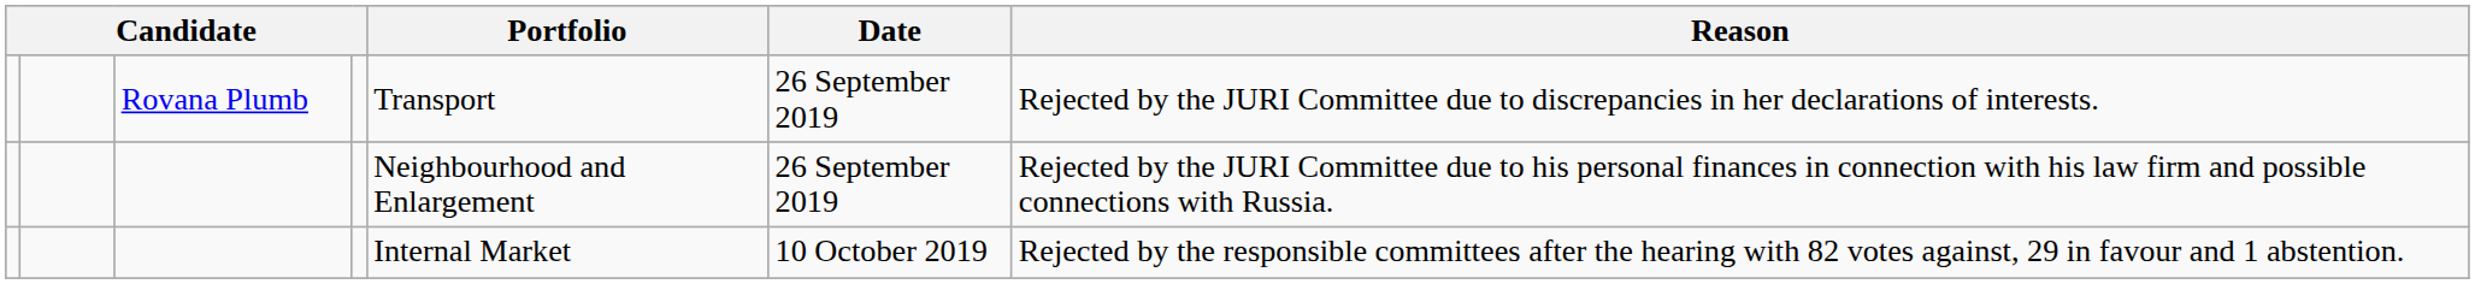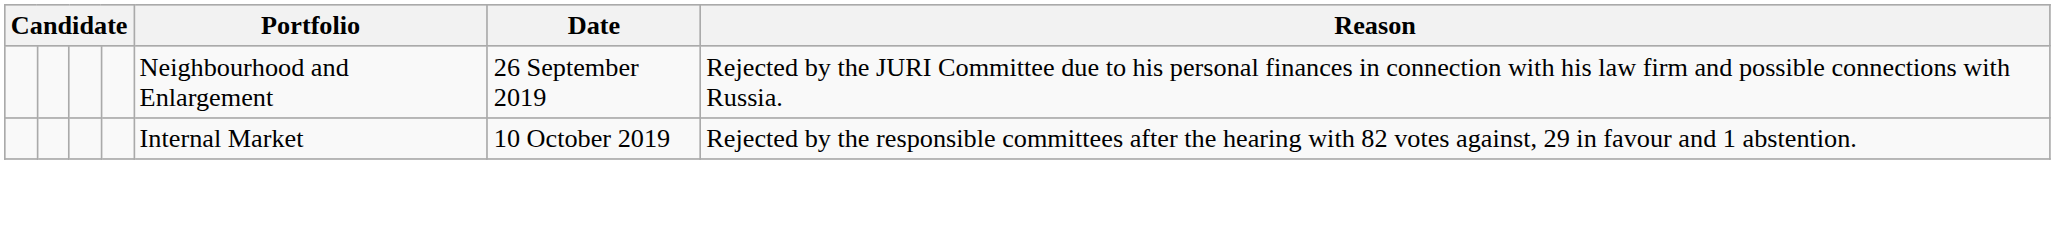 <table class="wikitable">
 <tr>
 <th colspan="4">Candidate</th>
 <th>Portfolio</th>
 <th>Date</th>
 <th>Reason</th>
-</tr>
-<tr>
-<td style="background-color:"></td>
-<td style="width:40px"><strong></strong></td>
-<td style="width:113px"><a href='#'>Rovana Plumb</a></td>
-<td></td>
-<td>Transport</td>
-<td>26 September 2019</td>
-<td>Rejected by the JURI Committee due to discrepancies in her declarations of interests.</td>
 </tr>
 <tr>
 <td style="background-color:"></td>
 <td><strong></strong></td>
 <td></td>
 <td></td>
 <td>Neighbourhood and Enlargement</td>
 <td>26 September 2019</td>
 <td>Rejected by the JURI Committee due to his personal finances in connection with his law firm and possible connections with Russia.</td>
 </tr>
 <tr>
 <td style="background-color:"></td>
 <td><strong></strong></td>
 <td></td>
 <td></td>
 <td>Internal Market</td>
 <td>10 October 2019</td>
 <td>Rejected by the responsible committees after the hearing with 82 votes against, 29 in favour and 1 abstention.</td>
 </tr>
 </table>
